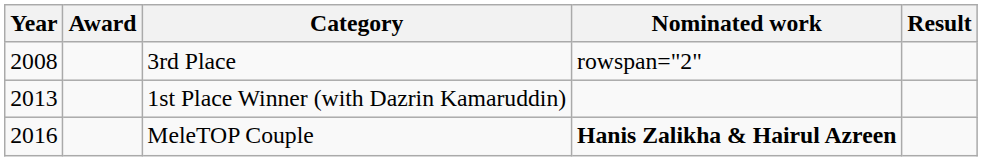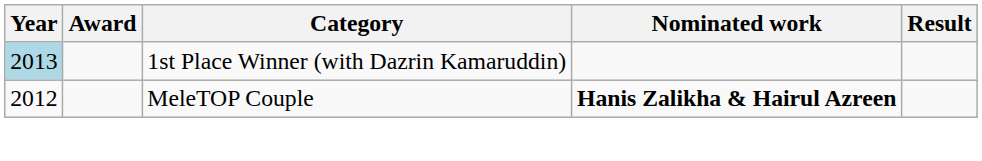 <table class="wikitable">
 <tr style="text-align:center;">
 <th>Year</th>
 <th>Award</th>
 <th>Category</th>
 <th>Nominated work</th>
 <th>Result</th>
 </tr>
 <tr>
-<td>2008</td>
-<td></td>
-<td>3rd Place</td>
-<td>rowspan="2" </td>
-<td></td>
-</tr>
-<tr>
-<td>2013</td>
+<td style="background: lightblue;">2013</td>
 <td></td>
 <td>1st Place Winner (with Dazrin Kamaruddin)</td>
 <td></td>
 </tr>
 <tr>
-<td>2016</td>
+<td>2012</td>
 <td></td>
 <td>MeleTOP Couple</td>
 <td><strong>Hanis Zalikha & Hairul Azreen</strong></td>
 <td></td>
 </tr>
 </table>
